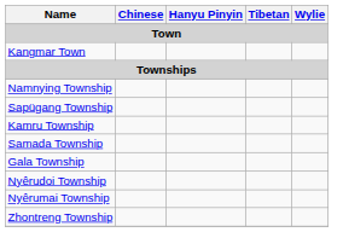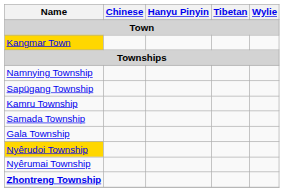 <table class="wikitable"  style="font-size:90%;" align=center>
 <tr>
 <th>Name</th>
 <th><a href='#'>Chinese</a></th>
 <th><a href='#'>Hanyu Pinyin</a></th>
 <th><a href='#'>Tibetan</a></th>
 <th><a href='#'>Wylie</a></th>
 </tr>
 <tr --------->
 <td colspan="7"  style="text-align:center; background:#d3d3d3;"><strong>Town</strong></td>
 </tr>
 <tr --------->
-<td><a href='#'>Kangmar Town</a></td>
+<td style="background: gold;"><a href='#'>Kangmar Town</a></td>
 <td></td>
 <td></td>
 <td></td>
 <td></td>
 </tr>
 <tr --------->
 <td colspan="7"  style="text-align:center; background:#d3d3d3;"><strong>Townships</strong></td>
 </tr>
 <tr --------->
 <td><a href='#'>Namnying Township</a></td>
 <td></td>
 <td></td>
 <td></td>
 <td></td>
 </tr>
 <tr>
 <td><a href='#'>Sapügang Township</a></td>
 <td></td>
 <td></td>
 <td></td>
 <td></td>
 </tr>
 <tr>
 <td><a href='#'>Kamru Township</a></td>
 <td></td>
 <td></td>
 <td></td>
 <td></td>
 </tr>
 <tr>
 <td><a href='#'>Samada Township</a></td>
 <td></td>
 <td></td>
 <td></td>
 <td></td>
 </tr>
 <tr>
 <td><a href='#'>Gala Township</a></td>
 <td></td>
 <td></td>
 <td></td>
 <td></td>
 </tr>
 <tr>
-<td><a href='#'>Nyêrudoi Township</a></td>
+<td style="background: gold;"><a href='#'>Nyêrudoi Township</a></td>
 <td></td>
 <td></td>
 <td></td>
 <td></td>
 </tr>
 <tr>
 <td><a href='#'>Nyêrumai Township</a></td>
 <td></td>
 <td></td>
 <td></td>
 <td></td>
 </tr>
 <tr>
-<td><a href='#'>Zhontreng Township</a></td>
+<td><strong><a href='#'>Zhontreng Township</a></strong></td>
 <td></td>
 <td></td>
 <td></td>
 <td></td>
 </tr>
 <tr>
 </tr>
 </table>
